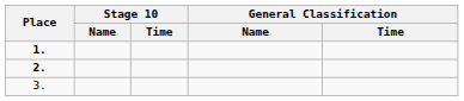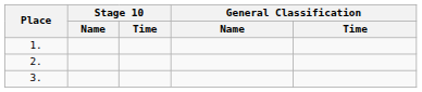 <table class="wikitable"  style="font-size:95%; width:80%;">
 <tr>
 <th rowspan="2">Place</th>
 <th colspan="2">Stage 10</th>
 <th colspan="2">General Classification</th>
 </tr>
 <tr>
 <th>Name</th>
 <th>Time</th>
 <th>Name</th>
 <th>Time</th>
 </tr>
 <tr>
-<td style="text-align:center;"><strong>1.</strong></td>
+<td style="text-align:center;">1.</td>
 <td></td>
 <td></td>
 <td></td>
 <td></td>
 </tr>
 <tr>
-<td style="text-align:center;"><strong>2.</strong></td>
+<td style="text-align:center;">2.</td>
 <td></td>
 <td></td>
 <td></td>
 <td></td>
 </tr>
 <tr>
 <td style="text-align:center;">3.</td>
 <td></td>
 <td></td>
 <td></td>
 <td></td>
 </tr>
 </table>
